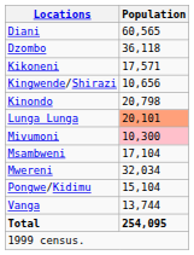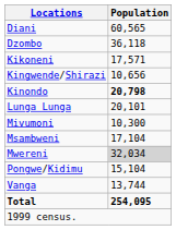 <table class="wikitable">
 <tr>
 <th><a href='#'>Locations</a></th>
 <th>Population</th>
 </tr>
 <tr>
 <td><a href='#'>Diani</a></td>
 <td>60,565</td>
 </tr>
 <tr>
 <td><a href='#'>Dzombo</a></td>
 <td>36,118</td>
 </tr>
 <tr>
 <td><a href='#'>Kikoneni</a></td>
 <td>17,571</td>
 </tr>
 <tr>
 <td><a href='#'>Kingwende</a>/<a href='#'>Shirazi</a></td>
 <td>10,656</td>
 </tr>
 <tr>
 <td><a href='#'>Kinondo</a></td>
-<td>20,798</td>
+<td><strong>20,798</strong></td>
 </tr>
 <tr>
 <td><a href='#'>Lunga Lunga</a></td>
-<td style="background: lightsalmon;">20,101</td>
+<td>20,101</td>
 </tr>
 <tr>
 <td><a href='#'>Mivumoni</a></td>
-<td style="background: pink;">10,300</td>
+<td>10,300</td>
 </tr>
 <tr>
 <td><a href='#'>Msambweni</a></td>
 <td>17,104</td>
 </tr>
 <tr>
 <td><a href='#'>Mwereni</a></td>
-<td>32,034</td>
+<td style="background: lightgrey;">32,034</td>
 </tr>
 <tr>
 <td><a href='#'>Pongwe</a>/<a href='#'>Kidimu</a></td>
 <td>15,104</td>
 </tr>
 <tr>
 <td><a href='#'>Vanga</a></td>
 <td>13,744</td>
 </tr>
 <tr>
 <td><strong>Total</strong></td>
 <td><strong>254,095</strong></td>
 </tr>
 <tr>
 <td colspan="2">1999 census.</td>
 </tr>
 </table>
